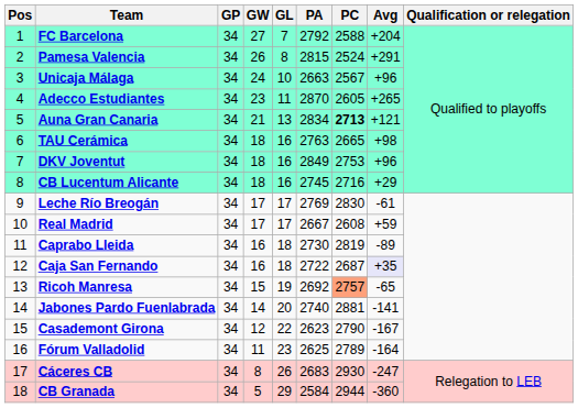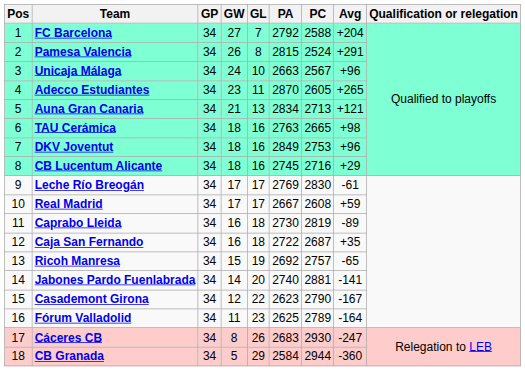 <table class="wikitable" style="text-align: center;">
 <tr>
 <th align=center>Pos</th>
 <th align=center>Team</th>
 <th align=center>GP</th>
 <th align=center>GW</th>
 <th align=center>GL</th>
 <th align=center>PA</th>
 <th align=center>PC</th>
 <th align=center>Avg</th>
 <th align=center>Qualification or relegation</th>
 </tr>
 <tr style="background: #7FFFD4;">
 <td>1</td>
 <td align=left><strong><a href='#'>FC Barcelona</a></strong></td>
 <td>34</td>
 <td>27</td>
 <td>7</td>
 <td>2792</td>
 <td>2588</td>
 <td>+204</td>
 <td rowspan=8>Qualified to playoffs</td>
 </tr>
 <tr style="background: #7FFFD4;">
 <td>2</td>
 <td align=left><strong><a href='#'>Pamesa Valencia</a></strong></td>
 <td>34</td>
 <td>26</td>
 <td>8</td>
 <td>2815</td>
 <td>2524</td>
 <td>+291</td>
 </tr>
 <tr style="background: #7FFFD4;">
 <td>3</td>
 <td align=left><strong><a href='#'>Unicaja Málaga</a></strong></td>
 <td>34</td>
 <td>24</td>
 <td>10</td>
 <td>2663</td>
 <td>2567</td>
 <td>+96</td>
 </tr>
 <tr style="background: #7FFFD4;">
 <td>4</td>
 <td align=left><strong><a href='#'>Adecco Estudiantes</a></strong></td>
 <td>34</td>
 <td>23</td>
 <td>11</td>
 <td>2870</td>
 <td>2605</td>
 <td>+265</td>
 </tr>
 <tr style="background: #7FFFD4;">
 <td>5</td>
 <td align=left><strong><a href='#'>Auna Gran Canaria</a></strong></td>
 <td>34</td>
 <td>21</td>
 <td>13</td>
 <td>2834</td>
-<td><strong>2713</strong></td>
+<td>2713</td>
 <td>+121</td>
 </tr>
 <tr style="background: #7FFFD4;">
 <td>6</td>
 <td align=left><strong><a href='#'>TAU Cerámica</a></strong></td>
 <td>34</td>
 <td>18</td>
 <td>16</td>
 <td>2763</td>
 <td>2665</td>
 <td>+98</td>
 </tr>
 <tr style="background: #7FFFD4;">
 <td>7</td>
 <td align=left><strong><a href='#'>DKV Joventut</a></strong></td>
 <td>34</td>
 <td>18</td>
 <td>16</td>
 <td>2849</td>
 <td>2753</td>
 <td>+96</td>
 </tr>
 <tr style="background: #7FFFD4;">
 <td>8</td>
 <td align=left><strong><a href='#'>CB Lucentum Alicante</a></strong></td>
 <td>34</td>
 <td>18</td>
 <td>16</td>
 <td>2745</td>
 <td>2716</td>
 <td>+29</td>
 </tr>
 <tr>
 <td>9</td>
 <td align=left><strong><a href='#'>Leche Río Breogán</a></strong></td>
 <td>34</td>
 <td>17</td>
 <td>17</td>
 <td>2769</td>
 <td>2830</td>
 <td>-61</td>
 </tr>
 <tr>
 <td>10</td>
 <td align=left><strong><a href='#'>Real Madrid</a></strong></td>
 <td>34</td>
 <td>17</td>
 <td>17</td>
 <td>2667</td>
 <td>2608</td>
 <td>+59</td>
 </tr>
 <tr>
 <td>11</td>
 <td align=left><strong><a href='#'>Caprabo Lleida</a></strong></td>
 <td>34</td>
 <td>16</td>
 <td>18</td>
 <td>2730</td>
 <td>2819</td>
 <td>-89</td>
 </tr>
 <tr>
 <td>12</td>
 <td align=left><strong><a href='#'>Caja San Fernando</a></strong></td>
 <td>34</td>
 <td>16</td>
 <td>18</td>
 <td>2722</td>
 <td>2687</td>
-<td style="background: lavender;">+35</td>
+<td>+35</td>
 </tr>
 <tr>
 <td>13</td>
 <td align=left><strong><a href='#'>Ricoh Manresa</a></strong></td>
 <td>34</td>
 <td>15</td>
 <td>19</td>
 <td>2692</td>
-<td style="background: lightsalmon;">2757</td>
+<td>2757</td>
 <td>-65</td>
 </tr>
 <tr>
 <td>14</td>
 <td align=left><strong><a href='#'>Jabones Pardo Fuenlabrada</a></strong></td>
 <td>34</td>
 <td>14</td>
 <td>20</td>
 <td>2740</td>
 <td>2881</td>
 <td>-141</td>
 </tr>
 <tr>
 <td>15</td>
 <td align=left><strong><a href='#'>Casademont Girona</a></strong></td>
 <td>34</td>
 <td>12</td>
 <td>22</td>
 <td>2623</td>
 <td>2790</td>
 <td>-167</td>
 </tr>
 <tr>
 <td>16</td>
 <td align=left><strong><a href='#'>Fórum Valladolid</a></strong></td>
 <td>34</td>
 <td>11</td>
 <td>23</td>
 <td>2625</td>
 <td>2789</td>
 <td>-164</td>
 </tr>
 <tr style="background:#FFCCCC">
 <td>17</td>
 <td align=left><strong><a href='#'>Cáceres CB</a></strong></td>
 <td>34</td>
 <td>8</td>
 <td>26</td>
 <td>2683</td>
 <td>2930</td>
 <td>-247</td>
 <td rowspan=2>Relegation to <a href='#'>LEB</a></td>
 </tr>
 <tr style="background:#FFCCCC">
 <td>18</td>
 <td align=left><strong><a href='#'>CB Granada</a></strong></td>
 <td>34</td>
 <td>5</td>
 <td>29</td>
 <td>2584</td>
 <td>2944</td>
 <td>-360</td>
 </tr>
 </table>
